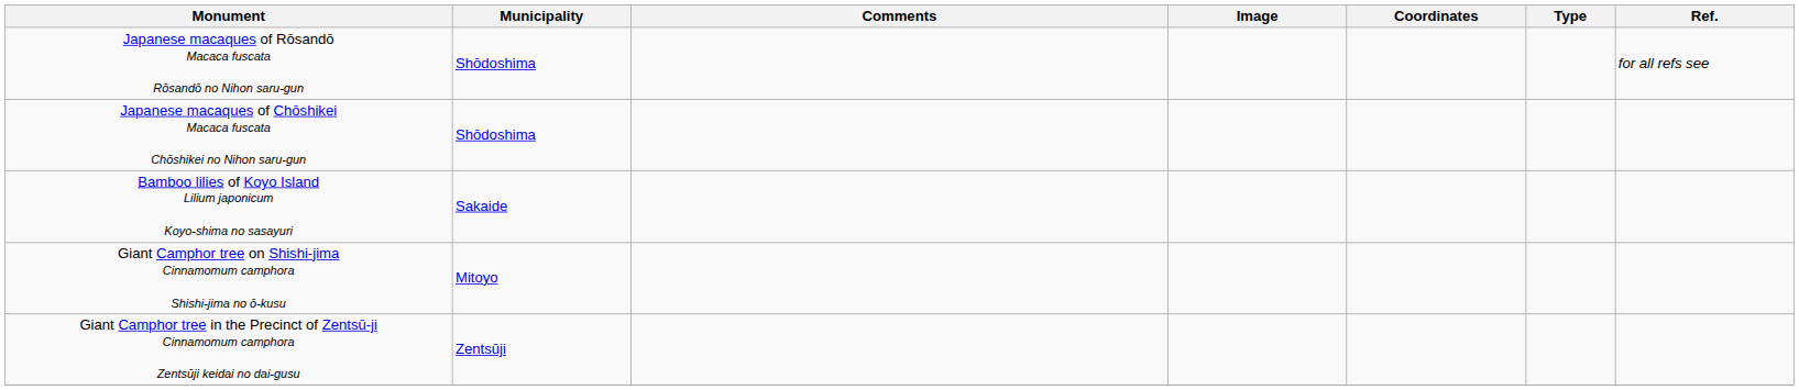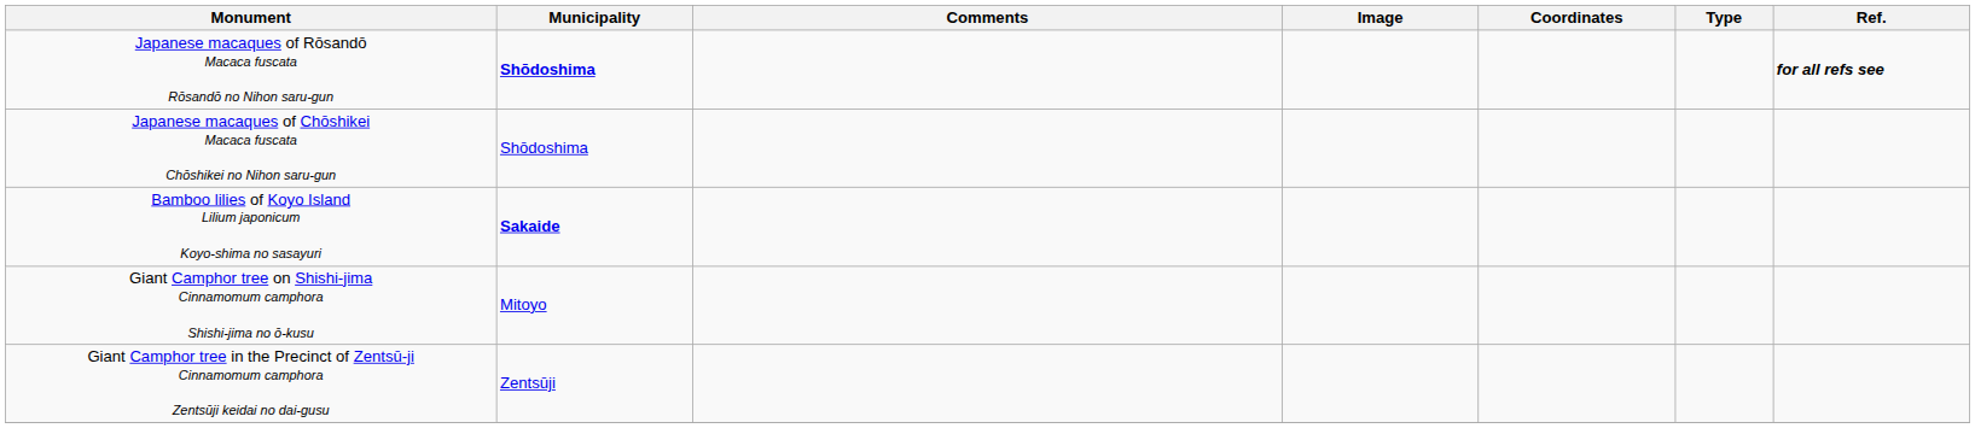 <table class="wikitable sortable"  style="width:100%;">
 <tr>
 <th width="25%" align="left">Monument</th>
 <th width="10%" align="left">Municipality</th>
 <th width="30%" align="left" class="unsortable">Comments</th>
 <th width="10%" align="left" class="unsortable">Image</th>
 <th width="10%" align="left" class="unsortable">Coordinates</th>
 <th width="5%" align="left">Type</th>
 <th width="10%" align="left" class="unsortable">Ref.</th>
 </tr>
 <tr>
 <td align="center"><a href='#'>Japanese macaques</a> of Rōsandō<br><small><em>Macaca fuscata</em></small><br><br><small><em>Rōsandō no Nihon saru-gun</em></small></td>
-<td><a href='#'>Shōdoshima</a></td>
+<td><strong><a href='#'>Shōdoshima</a></strong></td>
 <td></td>
 <td></td>
 <td></td>
 <td></td>
-<td><em>for all refs see</em> </td>
+<td><strong><em>for all refs see</em> </strong></td>
 </tr>
 <tr>
 <td align="center"><a href='#'>Japanese macaques</a> of <a href='#'>Chōshikei</a><br><small><em>Macaca fuscata</em></small><br><br><small><em>Chōshikei no Nihon saru-gun</em></small></td>
 <td><a href='#'>Shōdoshima</a></td>
 <td></td>
 <td></td>
 <td></td>
 <td></td>
 <td></td>
 </tr>
 <tr>
 <td align="center"><a href='#'>Bamboo lilies</a> of <a href='#'>Koyo Island</a><br><small><em>Lilium japonicum</em></small><br><br><small><em>Koyo-shima no sasayuri</em></small></td>
-<td><a href='#'>Sakaide</a></td>
+<td><strong><a href='#'>Sakaide</a></strong></td>
 <td></td>
 <td></td>
 <td></td>
 <td></td>
 <td></td>
 </tr>
 <tr>
 <td align="center">Giant <a href='#'>Camphor tree</a> on <a href='#'>Shishi-jima</a><br><small><em>Cinnamomum camphora</em></small><br><br><small><em>Shishi-jima no ō-kusu</em></small></td>
 <td><a href='#'>Mitoyo</a></td>
 <td></td>
 <td></td>
 <td></td>
 <td></td>
 <td></td>
 </tr>
 <tr>
 <td align="center">Giant <a href='#'>Camphor tree</a> in the Precinct of <a href='#'>Zentsū-ji</a><br><small><em>Cinnamomum camphora</em></small><br><br><small><em>Zentsūji keidai no dai-gusu</em></small></td>
 <td><a href='#'>Zentsūji</a></td>
 <td></td>
 <td></td>
 <td></td>
 <td></td>
 <td></td>
 </tr>
 <tr>
 </tr>
 </table>
